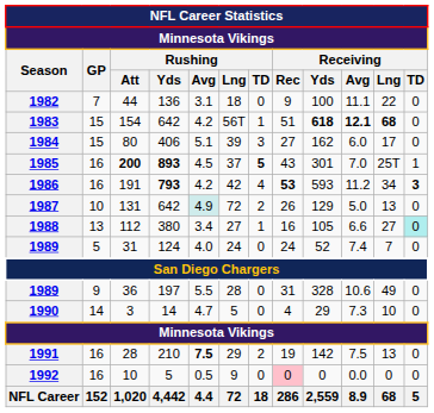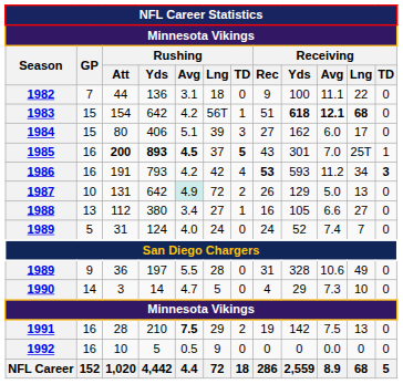 <table class=wikitable style="text-align:center;">
 <tr>
 <th colspan="12" style="background: #182460; border: 2px solid red; color:white;">NFL Career Statistics</th>
 </tr>
 <tr>
 <th colspan="12" style="background: #321764; border: 2px solid #FBBC21; color:white;">Minnesota Vikings</th>
 </tr>
 <tr>
 <th rowspan="2">Season</th>
 <th rowspan="2">GP</th>
 <th colspan="5">Rushing</th>
 <th colspan="5">Receiving</th>
 </tr>
 <tr>
 <th>Att</th>
 <th>Yds</th>
 <th>Avg</th>
 <th>Lng</th>
 <th>TD</th>
 <th>Rec</th>
 <th>Yds</th>
 <th>Avg</th>
 <th>Lng</th>
 <th>TD</th>
 </tr>
 <tr>
 <th><a href='#'>1982</a></th>
 <td>7</td>
 <td>44</td>
 <td>136</td>
 <td>3.1</td>
 <td>18</td>
 <td>0</td>
 <td>9</td>
 <td>100</td>
 <td>11.1</td>
 <td>22</td>
 <td>0</td>
 </tr>
 <tr>
 <th><a href='#'>1983</a></th>
 <td>15</td>
 <td>154</td>
 <td>642</td>
 <td>4.2</td>
 <td>56T</td>
 <td>1</td>
 <td>51</td>
 <td><strong>618</strong></td>
 <td><strong>12.1</strong></td>
 <td><strong>68</strong></td>
 <td>0</td>
 </tr>
 <tr>
 <th><a href='#'>1984</a></th>
 <td>15</td>
 <td>80</td>
 <td>406</td>
 <td>5.1</td>
 <td>39</td>
 <td>3</td>
 <td>27</td>
 <td>162</td>
 <td>6.0</td>
 <td>17</td>
 <td>0</td>
 </tr>
 <tr>
 <th><a href='#'>1985</a></th>
 <td>16</td>
 <td><strong>200</strong></td>
 <td><strong>893</strong></td>
-<td>4.5</td>
+<td><strong>4.5</strong></td>
 <td>37</td>
 <td><strong>5</strong></td>
 <td>43</td>
 <td>301</td>
 <td>7.0</td>
 <td>25T</td>
 <td>1</td>
 </tr>
 <tr>
 <th><a href='#'>1986</a></th>
 <td>16</td>
 <td>191</td>
-<td><strong>793</strong></td>
+<td>793</td>
 <td>4.2</td>
 <td>42</td>
 <td>4</td>
 <td><strong>53</strong></td>
 <td>593</td>
 <td>11.2</td>
 <td>34</td>
 <td><strong>3</strong></td>
 </tr>
 <tr>
 <th><a href='#'>1987</a></th>
 <td>10</td>
 <td>131</td>
 <td>642</td>
 <td style="background:#cfecec;">4.9</td>
 <td>72</td>
 <td>2</td>
 <td>26</td>
 <td>129</td>
 <td>5.0</td>
 <td>13</td>
 <td>0</td>
 </tr>
 <tr>
 <th><a href='#'>1988</a></th>
 <td>13</td>
 <td>112</td>
 <td>380</td>
 <td>3.4</td>
 <td>27</td>
 <td>1</td>
 <td>16</td>
 <td>105</td>
 <td>6.6</td>
 <td>27</td>
-<td style="background: paleturquoise;">0</td>
+<td>0</td>
 </tr>
 <tr>
 <th><a href='#'>1989</a></th>
 <td>5</td>
 <td>31</td>
 <td>124</td>
 <td>4.0</td>
 <td>24</td>
 <td>0</td>
 <td>24</td>
 <td>52</td>
 <td>7.4</td>
 <td>7</td>
 <td>0</td>
 </tr>
 <tr>
 <th colspan="12" style="background: #102658; border: 2px solid white; color:#FFC30B;">San Diego Chargers</th>
 </tr>
 <tr>
 <th><a href='#'>1989</a></th>
 <td>9</td>
 <td>36</td>
 <td>197</td>
 <td>5.5</td>
 <td>28</td>
 <td>0</td>
 <td>31</td>
 <td>328</td>
 <td>10.6</td>
 <td>49</td>
 <td>0</td>
 </tr>
 <tr>
 <th><a href='#'>1990</a></th>
 <td>14</td>
 <td>3</td>
 <td>14</td>
 <td>4.7</td>
 <td>5</td>
 <td>0</td>
 <td>4</td>
 <td>29</td>
 <td>7.3</td>
 <td>10</td>
 <td>0</td>
 </tr>
 <tr>
 <th colspan="12" style="background: #321764; border: 2px solid #FBBC21; color:white;">Minnesota Vikings</th>
 </tr>
 <tr>
 <th><a href='#'>1991</a></th>
 <td>16</td>
 <td>28</td>
 <td>210</td>
 <td><strong>7.5</strong></td>
 <td>29</td>
 <td>2</td>
 <td>19</td>
 <td>142</td>
 <td>7.5</td>
 <td>13</td>
 <td>0</td>
 </tr>
 <tr>
 <th><a href='#'>1992</a></th>
 <td>16</td>
 <td>10</td>
 <td>5</td>
 <td>0.5</td>
 <td>9</td>
 <td>0</td>
-<td style="background: pink;">0</td>
+<td>0</td>
 <td>0</td>
 <td>0.0</td>
 <td>0</td>
 <td>0</td>
 </tr>
 <tr>
 <th>NFL Career</th>
 <th>152</th>
 <th>1,020</th>
 <th>4,442</th>
 <th>4.4</th>
 <th>72</th>
 <th>18</th>
 <th>286</th>
 <th>2,559</th>
 <th>8.9</th>
 <th>68</th>
 <th>5</th>
 </tr>
 </table>
